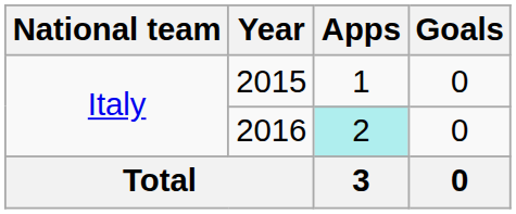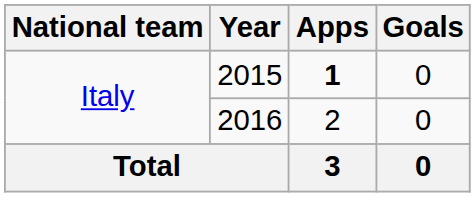 <table class="wikitable" style="text-align:center">
 <tr>
 <th>National team</th>
 <th>Year</th>
 <th>Apps</th>
 <th>Goals</th>
 </tr>
 <tr>
 <td rowspan="2"><a href='#'>Italy</a></td>
 <td>2015</td>
-<td>1</td>
+<td><strong>1</strong></td>
 <td>0</td>
 </tr>
 <tr>
 <td>2016</td>
-<td style="background: paleturquoise;">2</td>
+<td>2</td>
 <td>0</td>
 </tr>
 <tr>
 <th colspan="2">Total</th>
 <th>3</th>
 <th>0</th>
 </tr>
 </table>
